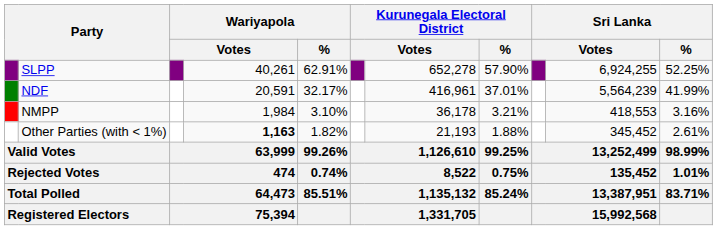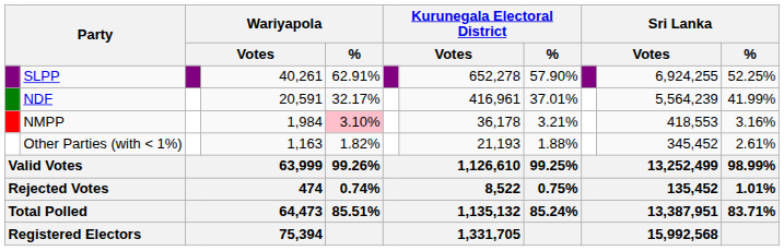 <table class="wikitable">
 <tr>
 <th colspan="2" width="144px"rowspan="2">Party</th>
 <th colspan="3" width="216px">Wariyapola</th>
 <th colspan="3" width="216px"><a href='#'>Kurunegala Electoral District</a></th>
 <th colspan="3" width="216px">Sri Lanka</th>
 </tr>
 <tr>
 <th colspan="2" width="144px">Votes</th>
 <th>%</th>
 <th colspan="2" width="144px">Votes</th>
 <th>%</th>
 <th colspan="2" width="144px">Votes</th>
 <th>%</th>
 </tr>
 <tr>
 <td style="background-color:purple;" width="10px"></td>
 <td style="text-align:left;"><a href='#'>SLPP</a></td>
 <td style="background-color:purple;" width="10px"></td>
 <td style="text-align:right;">40,261</td>
 <td style="text-align:right;">62.91%</td>
 <td style="background-color:purple;" width="10px"></td>
 <td style="text-align:right;">652,278</td>
 <td style="text-align:right;">57.90%</td>
 <td style="background-color:purple;" width="10px"></td>
 <td style="text-align:right;">6,924,255</td>
 <td style="text-align:right;">52.25%</td>
 </tr>
 <tr>
 <td style="background-color:green;" width="10px"></td>
 <td style="text-align:left;"><a href='#'>NDF</a></td>
 <td style="background-color:white;" width="10px"></td>
 <td style="text-align:right;">20,591</td>
 <td style="text-align:right;">32.17%</td>
 <td style="background-color:white;" width="10px"></td>
 <td style="text-align:right;">416,961</td>
 <td style="text-align:right;">37.01%</td>
 <td style="background-color:white;" width="10px"></td>
 <td style="text-align:right;">5,564,239</td>
 <td style="text-align:right;">41.99%</td>
 </tr>
 <tr>
 <td style="background-color:red;" width="10px"></td>
 <td style="text-align:left;">NMPP</td>
 <td style="background-color:white;" width="10px"></td>
 <td style="text-align:right;">1,984</td>
-<td style="text-align:right;">3.10%</td>
+<td style="background: pink; text-align:right;">3.10%</td>
 <td style="background-color:white;" width="10px"></td>
 <td style="text-align:right;">36,178</td>
 <td style="text-align:right;">3.21%</td>
 <td style="background-color:white;" width="10px"></td>
 <td style="text-align:right;">418,553</td>
 <td style="text-align:right;">3.16%</td>
 </tr>
 <tr>
 <td style="background-color:white;" width="10px"></td>
 <td style="text-align:left;">Other Parties (with < 1%)</td>
 <td style="background-color:white;" width="10px"></td>
-<td style="text-align:right;"><strong>1,163</strong></td>
+<td style="text-align:right;">1,163</td>
 <td style="text-align:right;">1.82%</td>
 <td style="background-color:white;" width="10px"></td>
 <td style="text-align:right;">21,193</td>
 <td style="text-align:right;">1.88%</td>
 <td style="background-color:white;" width="10px"></td>
 <td style="text-align:right;">345,452</td>
 <td style="text-align:right;">2.61%</td>
 </tr>
 <tr>
 <th colspan="2" width="144px"style="text-align:left;">Valid Votes</th>
 <th style="text-align:right;"colspan="2" width="144px">63,999</th>
 <th style="text-align:right;">99.26%</th>
 <th style="text-align:right;"colspan="2" width="144px">1,126,610</th>
 <th style="text-align:right;">99.25%</th>
 <th style="text-align:right;"colspan="2" width="144px">13,252,499</th>
 <th style="text-align:right;">98.99%</th>
 </tr>
 <tr>
 <th colspan="2" width="144px"style="text-align:left;">Rejected Votes</th>
 <th style="text-align:right;"colspan="2" width="144px">474</th>
 <th style="text-align:right;">0.74%</th>
 <th style="text-align:right;"colspan="2" width="144px">8,522</th>
 <th style="text-align:right;">0.75%</th>
 <th style="text-align:right;"colspan="2" width="144px">135,452</th>
 <th style="text-align:right;">1.01%</th>
 </tr>
 <tr>
 <th colspan="2" width="144px"style="text-align:left;">Total Polled</th>
 <th style="text-align:right;"colspan="2" width="144px">64,473</th>
 <th style="text-align:right;">85.51%</th>
 <th style="text-align:right;"colspan="2" width="144px">1,135,132</th>
 <th style="text-align:right;">85.24%</th>
 <th style="text-align:right;"colspan="2" width="144px">13,387,951</th>
 <th style="text-align:right;">83.71%</th>
 </tr>
 <tr>
 <th colspan="2" width="144px"style="text-align:left;">Registered Electors</th>
 <th style="text-align:right;"colspan="2" width="144px">75,394</th>
 <th></th>
 <th style="text-align:right;"colspan="2" width="144px">1,331,705</th>
 <th></th>
 <th style="text-align:right;"colspan="2" width="144px">15,992,568</th>
 <th></th>
 </tr>
 </table>
